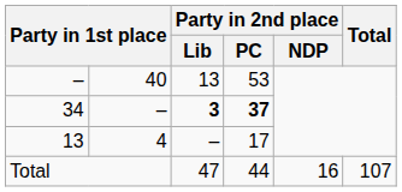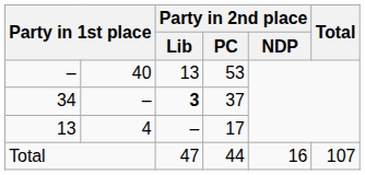 <table class="wikitable" style="text-align:right;">
 <tr>
 <th rowspan="2" colspan="2" style="text-align:left;">Party in 1st place</th>
 <th colspan="3">Party in 2nd place</th>
 <th rowspan="2">Total</th>
 </tr>
 <tr>
 <th>Lib</th>
 <th>PC</th>
 <th>NDP</th>
 </tr>
 <tr>
 <td>–</td>
 <td>40</td>
 <td>13</td>
 <td>53</td>
 </tr>
 <tr>
 <td>34</td>
 <td>–</td>
 <td><strong>3</strong></td>
-<td><strong>37</strong></td>
+<td>37</td>
 </tr>
 <tr>
 <td>13</td>
 <td>4</td>
 <td>–</td>
 <td>17</td>
 </tr>
 <tr>
 <td colspan="2" style="text-align:left;">Total</td>
 <td>47</td>
 <td>44</td>
 <td>16</td>
 <td>107</td>
 </tr>
 </table>
